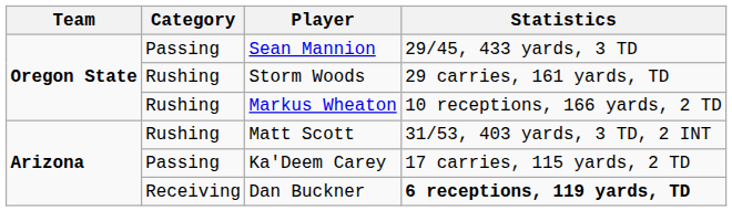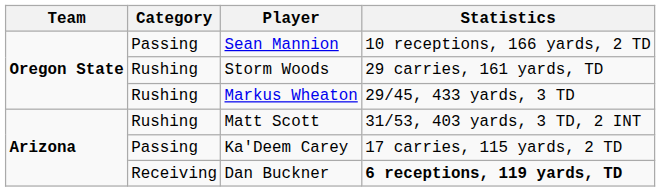 <table class="wikitable" style="float: right;">
 <tr>
 <th>Team</th>
 <th>Category</th>
 <th>Player</th>
 <th>Statistics</th>
 </tr>
 <tr>
 <td rowspan=3><strong>Oregon State</strong></td>
 <td>Passing</td>
 <td><a href='#'>Sean Mannion</a></td>
-<td>29/45, 433 yards, 3 TD</td>
+<td>10 receptions, 166 yards, 2 TD</td>
 </tr>
 <tr>
 <td>Rushing</td>
 <td>Storm Woods</td>
 <td>29 carries, 161 yards, TD</td>
 </tr>
 <tr>
 <td>Rushing</td>
 <td><a href='#'>Markus Wheaton</a></td>
-<td>10 receptions, 166 yards, 2 TD</td>
+<td>29/45, 433 yards, 3 TD</td>
 </tr>
 <tr>
 <td rowspan=3><strong>Arizona</strong></td>
 <td>Rushing</td>
 <td>Matt Scott</td>
 <td>31/53, 403 yards, 3 TD, 2 INT</td>
 </tr>
 <tr>
 <td>Passing</td>
 <td>Ka'Deem Carey</td>
 <td>17 carries, 115 yards, 2 TD</td>
 </tr>
 <tr>
 <td>Receiving</td>
 <td>Dan Buckner</td>
 <td><strong>6 receptions, 119 yards, TD</strong></td>
 </tr>
 </table>
